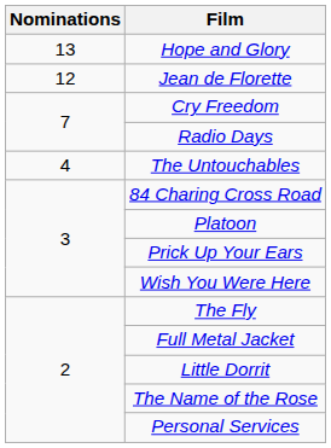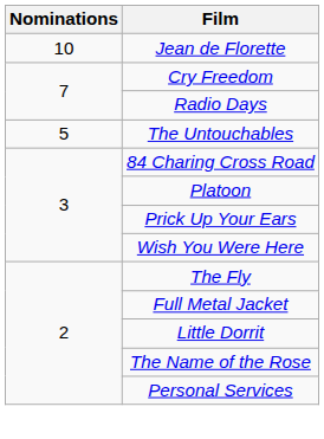 <table class="wikitable" style="text-align:center;">
 <tr>
 <th style="background:">Nominations</th>
 <th style="background:">Film</th>
 </tr>
 <tr>
-<td>13</td>
-<td><em><a href='#'>Hope and Glory</a></em></td>
-</tr>
-<tr>
-<td>12</td>
+<td>10</td>
 <td><em><a href='#'>Jean de Florette</a></em></td>
 </tr>
 <tr>
 <td rowspan="2">7</td>
 <td><em><a href='#'>Cry Freedom</a></em></td>
 </tr>
 <tr>
 <td><em><a href='#'>Radio Days</a></em></td>
 </tr>
 <tr>
-<td>4</td>
+<td>5</td>
 <td><em><a href='#'>The Untouchables</a></em></td>
 </tr>
 <tr>
 <td rowspan="4">3</td>
 <td><em><a href='#'>84 Charing Cross Road</a></em></td>
 </tr>
 <tr>
 <td><em><a href='#'>Platoon</a></em></td>
 </tr>
 <tr>
 <td><em><a href='#'>Prick Up Your Ears</a></em></td>
 </tr>
 <tr>
 <td><em><a href='#'>Wish You Were Here</a></em></td>
 </tr>
 <tr>
 <td rowspan="5">2</td>
 <td><em><a href='#'>The Fly</a></em></td>
 </tr>
 <tr>
 <td><em><a href='#'>Full Metal Jacket</a></em></td>
 </tr>
 <tr>
 <td><em><a href='#'>Little Dorrit</a></em></td>
 </tr>
 <tr>
 <td><em><a href='#'>The Name of the Rose</a></em></td>
 </tr>
 <tr>
 <td><em><a href='#'>Personal Services</a></em></td>
 </tr>
 </table>
